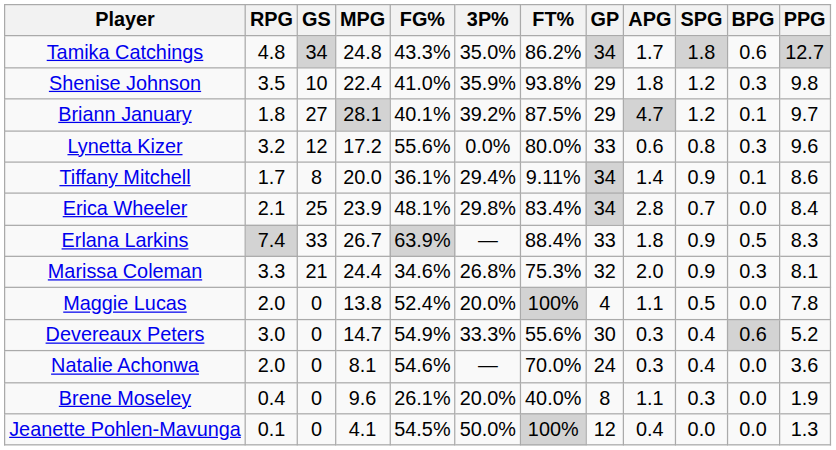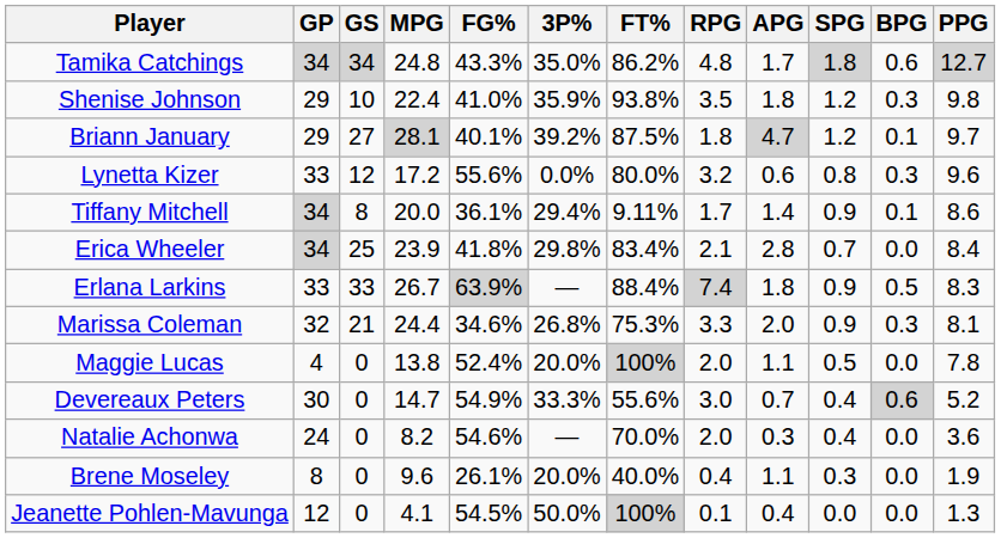 <table class="wikitable sortable" style="text-align:center;">
 <tr>
 <th>Player</th>
-<th>RPG</th>
+<th>GP</th>
 <th>GS</th>
 <th>MPG</th>
 <th>FG%</th>
 <th>3P%</th>
 <th>FT%</th>
-<th>GP</th>
+<th>RPG</th>
 <th>APG</th>
 <th>SPG</th>
 <th>BPG</th>
 <th>PPG</th>
 </tr>
 <tr>
 <td><a href='#'>Tamika Catchings</a></td>
-<td>4.8</td>
+<td style="background:#D3D3D3;">34</td>
 <td style="background:#D3D3D3;">34</td>
 <td>24.8</td>
 <td>43.3%</td>
 <td>35.0%</td>
 <td>86.2%</td>
-<td style="background:#D3D3D3;">34</td>
+<td>4.8</td>
 <td>1.7</td>
 <td style="background:#D3D3D3;">1.8</td>
 <td>0.6</td>
 <td style="background:#D3D3D3;">12.7</td>
 </tr>
 <tr>
 <td><a href='#'>Shenise Johnson</a></td>
-<td>3.5</td>
+<td>29</td>
 <td>10</td>
 <td>22.4</td>
 <td>41.0%</td>
 <td>35.9%</td>
 <td>93.8%</td>
-<td>29</td>
+<td>3.5</td>
 <td>1.8</td>
 <td>1.2</td>
 <td>0.3</td>
 <td>9.8</td>
 </tr>
 <tr>
 <td><a href='#'>Briann January</a></td>
-<td>1.8</td>
+<td>29</td>
 <td>27</td>
 <td style="background:#D3D3D3;">28.1</td>
 <td>40.1%</td>
 <td>39.2%</td>
 <td>87.5%</td>
-<td>29</td>
+<td>1.8</td>
 <td style="background:#D3D3D3;">4.7</td>
 <td>1.2</td>
 <td>0.1</td>
 <td>9.7</td>
 </tr>
 <tr>
 <td><a href='#'>Lynetta Kizer</a></td>
-<td>3.2</td>
+<td>33</td>
 <td>12</td>
 <td>17.2</td>
 <td>55.6%</td>
 <td>0.0%</td>
 <td>80.0%</td>
-<td>33</td>
+<td>3.2</td>
 <td>0.6</td>
 <td>0.8</td>
 <td>0.3</td>
 <td>9.6</td>
 </tr>
 <tr>
 <td><a href='#'>Tiffany Mitchell</a></td>
-<td>1.7</td>
+<td style="background:#D3D3D3;">34</td>
 <td>8</td>
 <td>20.0</td>
 <td>36.1%</td>
 <td>29.4%</td>
 <td>9.11%</td>
-<td style="background:#D3D3D3;">34</td>
+<td>1.7</td>
 <td>1.4</td>
 <td>0.9</td>
 <td>0.1</td>
 <td>8.6</td>
 </tr>
 <tr>
 <td><a href='#'>Erica Wheeler</a></td>
-<td>2.1</td>
+<td style="background:#D3D3D3;">34</td>
 <td>25</td>
 <td>23.9</td>
-<td>48.1%</td>
+<td>41.8%</td>
 <td>29.8%</td>
 <td>83.4%</td>
-<td style="background:#D3D3D3;">34</td>
+<td>2.1</td>
 <td>2.8</td>
 <td>0.7</td>
 <td>0.0</td>
 <td>8.4</td>
 </tr>
 <tr>
 <td><a href='#'>Erlana Larkins</a></td>
-<td style="background:#D3D3D3;">7.4</td>
+<td>33</td>
 <td>33</td>
 <td>26.7</td>
 <td style="background:#D3D3D3;">63.9%</td>
 <td>—</td>
 <td>88.4%</td>
-<td>33</td>
+<td style="background:#D3D3D3;">7.4</td>
 <td>1.8</td>
 <td>0.9</td>
 <td>0.5</td>
 <td>8.3</td>
 </tr>
 <tr>
 <td><a href='#'>Marissa Coleman</a></td>
-<td>3.3</td>
+<td>32</td>
 <td>21</td>
 <td>24.4</td>
 <td>34.6%</td>
 <td>26.8%</td>
 <td>75.3%</td>
-<td>32</td>
+<td>3.3</td>
 <td>2.0</td>
 <td>0.9</td>
 <td>0.3</td>
 <td>8.1</td>
 </tr>
 <tr>
 <td><a href='#'>Maggie Lucas</a></td>
-<td>2.0</td>
+<td>4</td>
 <td>0</td>
 <td>13.8</td>
 <td>52.4%</td>
 <td>20.0%</td>
 <td style="background:#D3D3D3;">100%</td>
-<td>4</td>
+<td>2.0</td>
 <td>1.1</td>
 <td>0.5</td>
 <td>0.0</td>
 <td>7.8</td>
 </tr>
 <tr>
 <td><a href='#'>Devereaux Peters</a></td>
-<td>3.0</td>
+<td>30</td>
 <td>0</td>
 <td>14.7</td>
 <td>54.9%</td>
 <td>33.3%</td>
 <td>55.6%</td>
-<td>30</td>
-<td>0.3</td>
+<td>3.0</td>
+<td>0.7</td>
 <td>0.4</td>
 <td style="background:#D3D3D3;">0.6</td>
 <td>5.2</td>
 </tr>
 <tr>
 <td><a href='#'>Natalie Achonwa</a></td>
-<td>2.0</td>
+<td>24</td>
 <td>0</td>
-<td>8.1</td>
+<td>8.2</td>
 <td>54.6%</td>
 <td>—</td>
 <td>70.0%</td>
-<td>24</td>
+<td>2.0</td>
 <td>0.3</td>
 <td>0.4</td>
 <td>0.0</td>
 <td>3.6</td>
 </tr>
 <tr>
 <td><a href='#'>Brene Moseley</a></td>
-<td>0.4</td>
+<td>8</td>
 <td>0</td>
 <td>9.6</td>
 <td>26.1%</td>
 <td>20.0%</td>
 <td>40.0%</td>
-<td>8</td>
+<td>0.4</td>
 <td>1.1</td>
 <td>0.3</td>
 <td>0.0</td>
 <td>1.9</td>
 </tr>
 <tr>
 <td><a href='#'>Jeanette Pohlen-Mavunga</a></td>
-<td>0.1</td>
+<td>12</td>
 <td>0</td>
 <td>4.1</td>
 <td>54.5%</td>
 <td>50.0%</td>
 <td style="background:#D3D3D3;">100%</td>
-<td>12</td>
+<td>0.1</td>
 <td>0.4</td>
 <td>0.0</td>
 <td>0.0</td>
 <td>1.3</td>
 </tr>
 </table>
